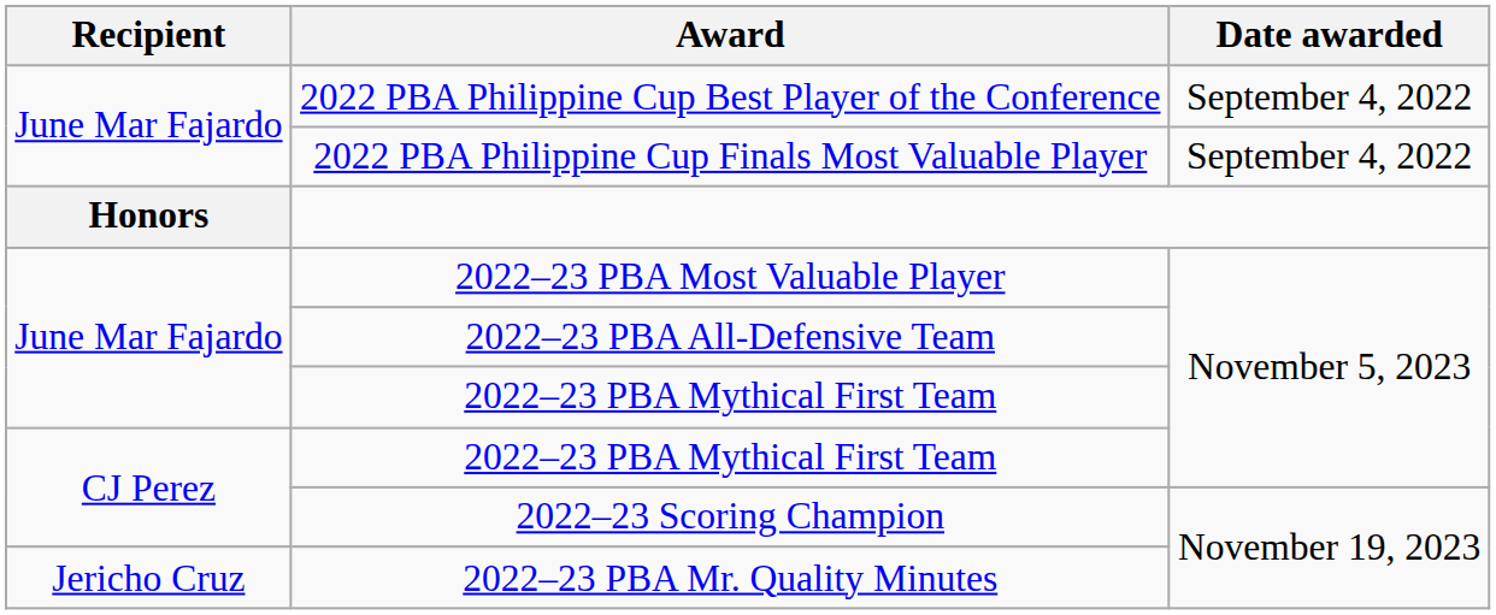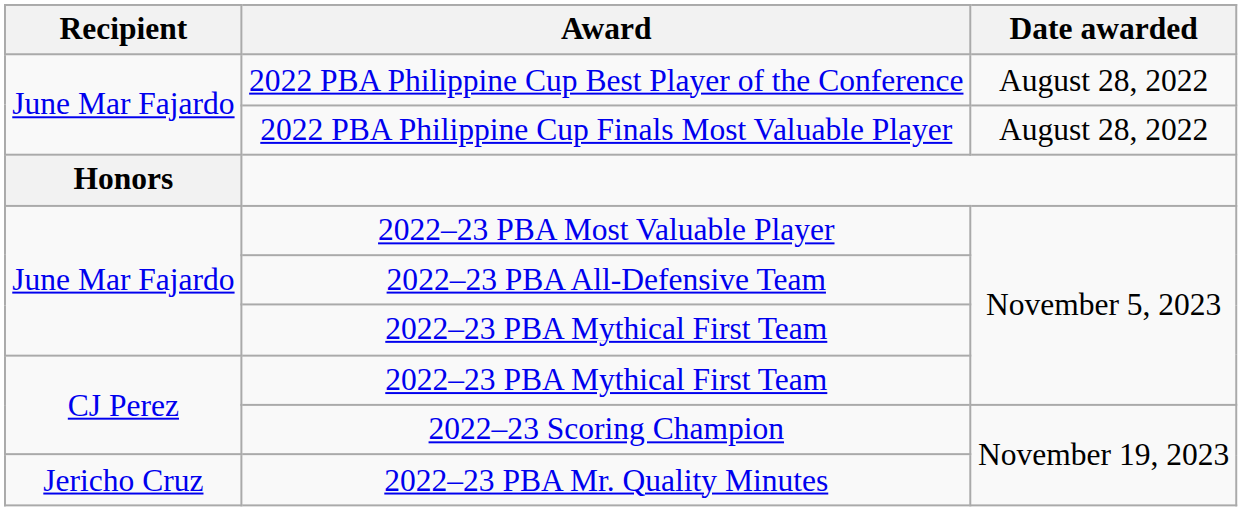 <table class="wikitable sortable sortable" style="text-align: center">
 <tr>
 <th>Recipient</th>
 <th>Award</th>
 <th>Date awarded</th>
 </tr>
 <tr>
 <td rowspan=2><a href='#'>June Mar Fajardo</a></td>
 <td><a href='#'>2022 PBA Philippine Cup Best Player of the Conference</a></td>
-<td>September 4, 2022</td>
+<td>August 28, 2022</td>
 </tr>
 <tr>
 <td><a href='#'>2022 PBA Philippine Cup Finals Most Valuable Player</a></td>
-<td>September 4, 2022</td>
+<td>August 28, 2022</td>
 </tr>
 <tr>
 <th>Honors</th>
 </tr>
 <tr>
 <td rowspan=3><a href='#'>June Mar Fajardo</a></td>
 <td><a href='#'>2022–23 PBA Most Valuable Player</a></td>
 <td rowspan=4>November 5, 2023</td>
 </tr>
 <tr>
 <td><a href='#'>2022–23 PBA All-Defensive Team</a></td>
 </tr>
 <tr>
 <td><a href='#'>2022–23 PBA Mythical First Team</a></td>
 </tr>
 <tr>
 <td rowspan=2><a href='#'>CJ Perez</a></td>
 <td><a href='#'>2022–23 PBA Mythical First Team</a></td>
 </tr>
 <tr>
 <td><a href='#'>2022–23 Scoring Champion</a></td>
 <td rowspan=2>November 19, 2023</td>
 </tr>
 <tr>
 <td><a href='#'>Jericho Cruz</a></td>
 <td><a href='#'>2022–23 PBA Mr. Quality Minutes</a></td>
 </tr>
 </table>
